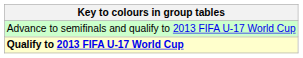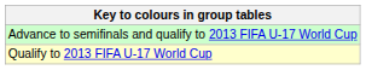 <table class="wikitable">
 <tr>
 <th colspan=2>Key to colours in group tables</th>
 </tr>
 <tr>
 <td bgcolor=ccffcc>Advance to semifinals and qualify to <a href='#'>2013 FIFA U-17 World Cup</a></td>
 </tr>
 <tr>
-<td bgcolor=ffffcc><strong>Qualify to <a href='#'>2013 FIFA U-17 World Cup</a></strong></td>
+<td bgcolor=ffffcc>Qualify to <a href='#'>2013 FIFA U-17 World Cup</a></td>
 </tr>
 </table>
